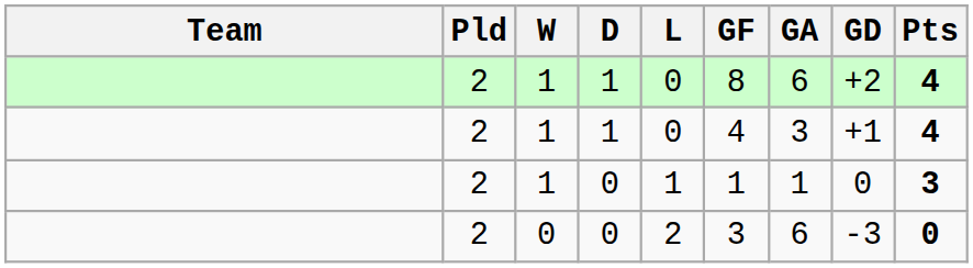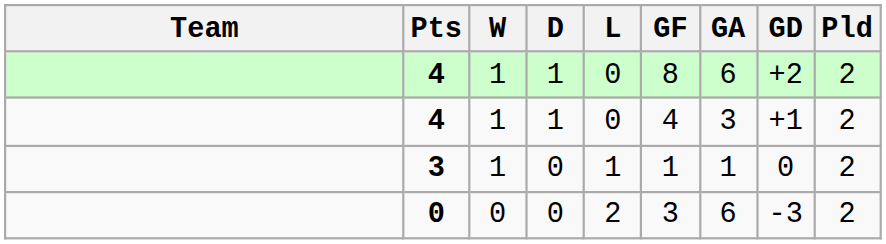 <table class="wikitable" style="text-align: center;">
 <tr>
 <th width=175>Team</th>
-<th width=20 abbr="Played">Pld</th>
+<th width=20 abbr="Points">Pts</th>
 <th width=20 abbr="Won">W</th>
 <th width=20 abbr="Drawn">D</th>
 <th width=20 abbr="Lost">L</th>
 <th width=20 abbr="Goals for">GF</th>
 <th width=20 abbr="Goals against">GA</th>
 <th width=20 abbr="Goal difference">GD</th>
-<th width=20 abbr="Points">Pts</th>
+<th width=20 abbr="Played">Pld</th>
 </tr>
 <tr bgcolor="#ccffcc">
 <td align=left></td>
-<td>2</td>
+<td><strong>4</strong></td>
 <td>1</td>
 <td>1</td>
 <td>0</td>
 <td>8</td>
 <td>6</td>
 <td>+2</td>
-<td><strong>4</strong></td>
+<td>2</td>
 </tr>
 <tr>
 <td align=left></td>
-<td>2</td>
+<td><strong>4</strong></td>
 <td>1</td>
 <td>1</td>
 <td>0</td>
 <td>4</td>
 <td>3</td>
 <td>+1</td>
-<td><strong>4</strong></td>
+<td>2</td>
 </tr>
 <tr>
 <td align=left></td>
-<td>2</td>
+<td><strong>3</strong></td>
 <td>1</td>
 <td>0</td>
 <td>1</td>
 <td>1</td>
 <td>1</td>
 <td>0</td>
-<td><strong>3</strong></td>
+<td>2</td>
 </tr>
 <tr>
 <td align=left></td>
-<td>2</td>
+<td><strong>0</strong></td>
 <td>0</td>
 <td>0</td>
 <td>2</td>
 <td>3</td>
 <td>6</td>
 <td>-3</td>
-<td><strong>0</strong></td>
+<td>2</td>
 </tr>
 </table>
